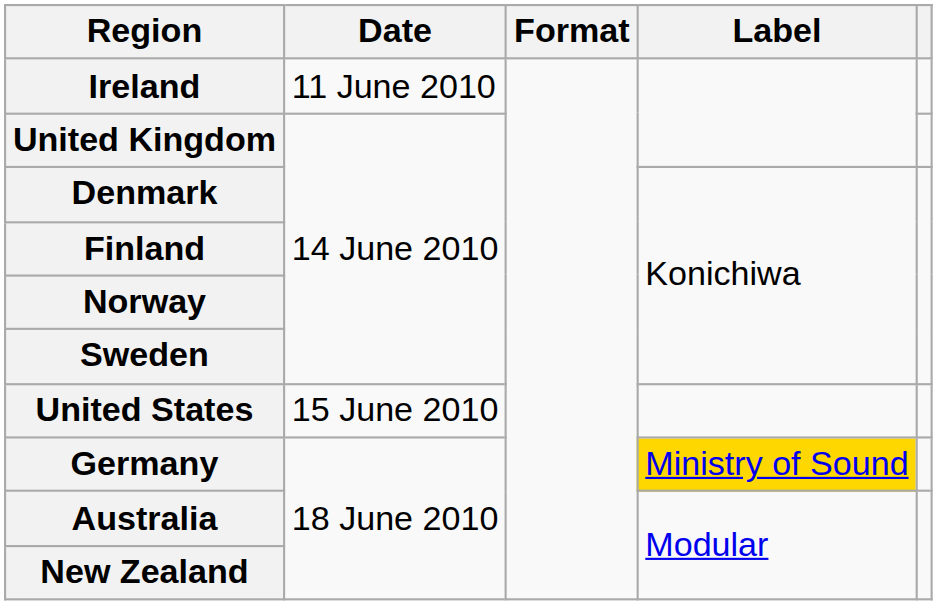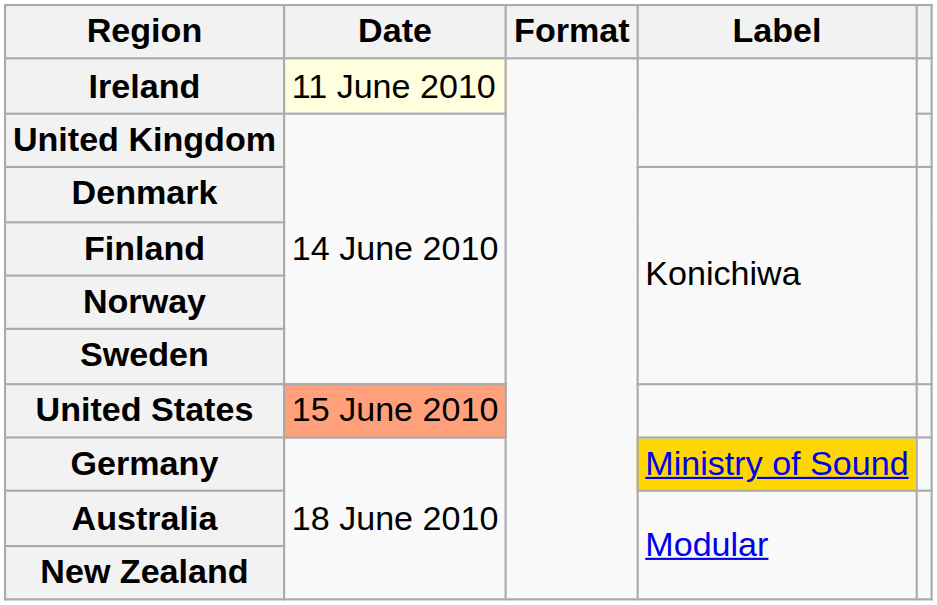 <table class="wikitable plainrowheaders">
 <tr>
 <th scope="col">Region</th>
 <th scope="col">Date</th>
 <th scope="col">Format</th>
 <th scope="col">Label</th>
 <th scope="col"></th>
 </tr>
 <tr>
 <th scope="row">Ireland</th>
-<td>11 June 2010</td>
+<td style="background: lightyellow;">11 June 2010</td>
 <td rowspan="10"></td>
 <td rowspan="2"></td>
 <td align="center"></td>
 </tr>
 <tr>
 <th scope="row">United Kingdom</th>
 <td rowspan="5">14 June 2010</td>
 <td align="center"></td>
 </tr>
 <tr>
 <th scope="row">Denmark</th>
 <td rowspan="4">Konichiwa</td>
 <td align="center" rowspan="4"></td>
 </tr>
 <tr>
 <th scope="row">Finland</th>
 </tr>
 <tr>
 <th scope="row">Norway</th>
 </tr>
 <tr>
 <th scope="row">Sweden</th>
 </tr>
 <tr>
 <th scope="row">United States</th>
-<td>15 June 2010</td>
+<td style="background: lightsalmon;">15 June 2010</td>
 <td></td>
 <td align="center"></td>
 </tr>
 <tr>
 <th scope="row">Germany</th>
 <td rowspan="3">18 June 2010</td>
 <td style="background: gold;"><a href='#'>Ministry of Sound</a></td>
 <td align="center"></td>
 </tr>
 <tr>
 <th scope="row">Australia</th>
 <td rowspan="2"><a href='#'>Modular</a></td>
 <td align="center" rowspan="2"></td>
 </tr>
 <tr>
 <th scope="row">New Zealand</th>
 </tr>
 </table>
